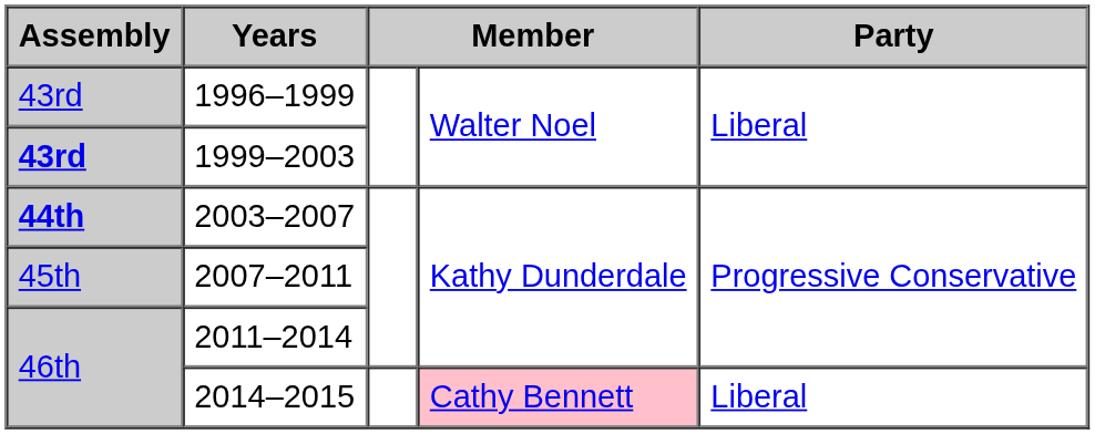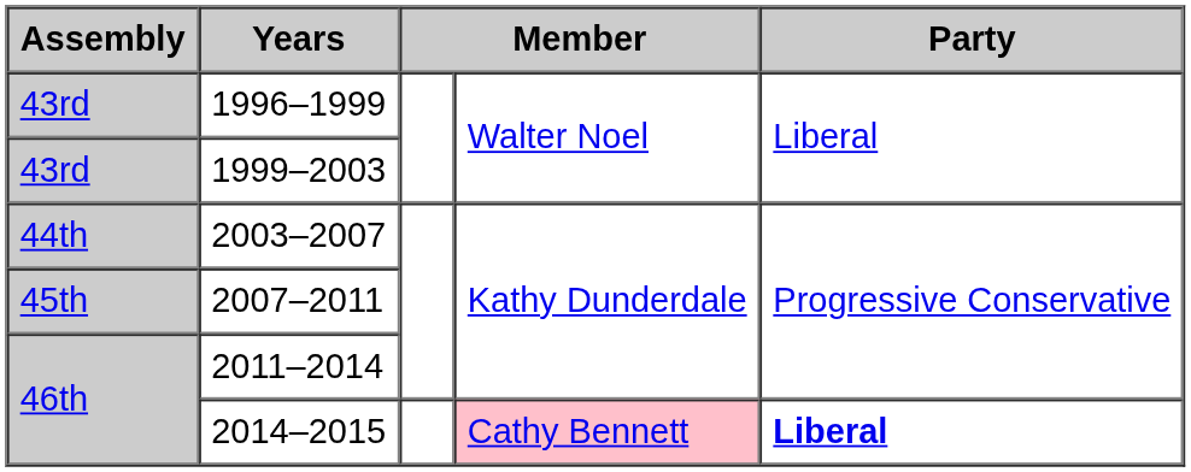 <table border=1 cellpadding=5 cellspacing=0>
 <tr bgcolor="CCCCCC">
 <th>Assembly</th>
 <th>Years</th>
 <th colspan="2">Member</th>
 <th>Party</th>
 </tr>
 <tr>
 <td bgcolor="CCCCCC"><a href='#'>43rd</a></td>
 <td>1996–1999</td>
 <td rowspan=2 >   </td>
 <td rowspan=2><a href='#'>Walter Noel</a></td>
 <td rowspan=2><a href='#'>Liberal</a></td>
 </tr>
 <tr>
-<td bgcolor="CCCCCC"><strong><a href='#'>43rd</a></strong></td>
+<td bgcolor="CCCCCC"><a href='#'>43rd</a></td>
 <td>1999–2003</td>
 </tr>
 <tr>
-<td bgcolor="CCCCCC"><strong><a href='#'>44th</a></strong></td>
+<td bgcolor="CCCCCC"><a href='#'>44th</a></td>
 <td>2003–2007</td>
 <td rowspan=3 >   </td>
 <td rowspan=3><a href='#'>Kathy Dunderdale</a></td>
 <td rowspan=3><a href='#'>Progressive Conservative</a></td>
 </tr>
 <tr>
 <td bgcolor="CCCCCC"><a href='#'>45th</a></td>
 <td>2007–2011</td>
 </tr>
 <tr>
 <td rowspan=2 bgcolor="CCCCCC"><a href='#'>46th</a></td>
 <td>2011–2014</td>
 </tr>
 <tr>
 <td>2014–2015</td>
 <td>   </td>
 <td style="background: pink;"><a href='#'>Cathy Bennett</a></td>
-<td><a href='#'>Liberal</a></td>
+<td><strong><a href='#'>Liberal</a></strong></td>
 </tr>
 </table>
